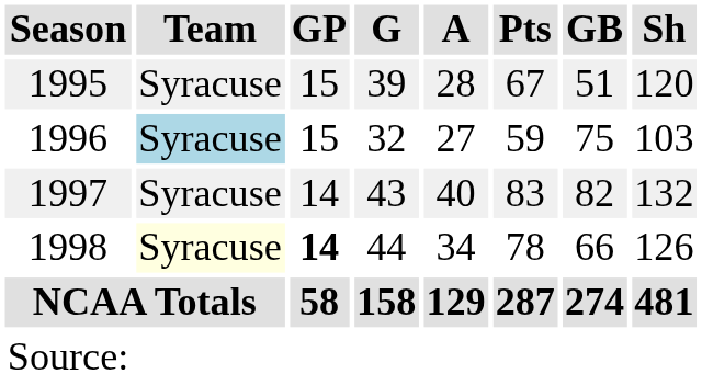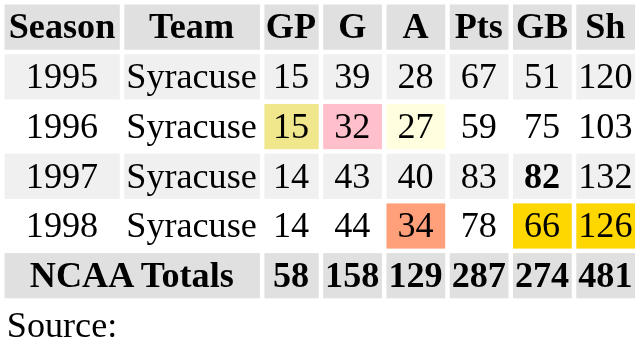 <table style="text-align:center">
 <tr bgcolor="#e0e0e0">
 <th>Season</th>
 <th>Team</th>
 <th>GP</th>
 <th>G</th>
 <th>A</th>
 <th>Pts</th>
 <th>GB</th>
 <th>Sh</th>
 </tr>
 <tr bgcolor="#f0f0f0">
 <td>1995</td>
 <td>Syracuse</td>
 <td>15</td>
 <td>39</td>
 <td>28</td>
 <td>67</td>
 <td>51</td>
 <td>120</td>
 </tr>
 <tr>
 <td>1996</td>
-<td style="background: lightblue;">Syracuse</td>
-<td>15</td>
-<td>32</td>
-<td>27</td>
+<td>Syracuse</td>
+<td style="background: khaki;">15</td>
+<td style="background: pink;">32</td>
+<td style="background: lightyellow;">27</td>
 <td>59</td>
 <td>75</td>
 <td>103</td>
 </tr>
 <tr bgcolor="#f0f0f0">
 <td>1997</td>
 <td>Syracuse</td>
 <td>14</td>
 <td>43</td>
 <td>40</td>
 <td>83</td>
-<td>82</td>
+<td><strong>82</strong></td>
 <td>132</td>
 </tr>
 <tr>
 <td>1998</td>
-<td style="background: lightyellow;">Syracuse</td>
-<td><strong>14</strong></td>
+<td>Syracuse</td>
+<td>14</td>
 <td>44</td>
-<td>34</td>
+<td style="background: lightsalmon;">34</td>
 <td>78</td>
-<td>66</td>
-<td>126</td>
+<td style="background: gold;">66</td>
+<td style="background: gold;">126</td>
 </tr>
 <tr bgcolor="#e0e0e0">
 <th colspan="2">NCAA Totals</th>
 <th>58</th>
 <th>158</th>
 <th>129</th>
 <th>287</th>
 <th>274</th>
 <th>481</th>
 </tr>
 <tr>
 <td>Source:</td>
 </tr>
 </table>
